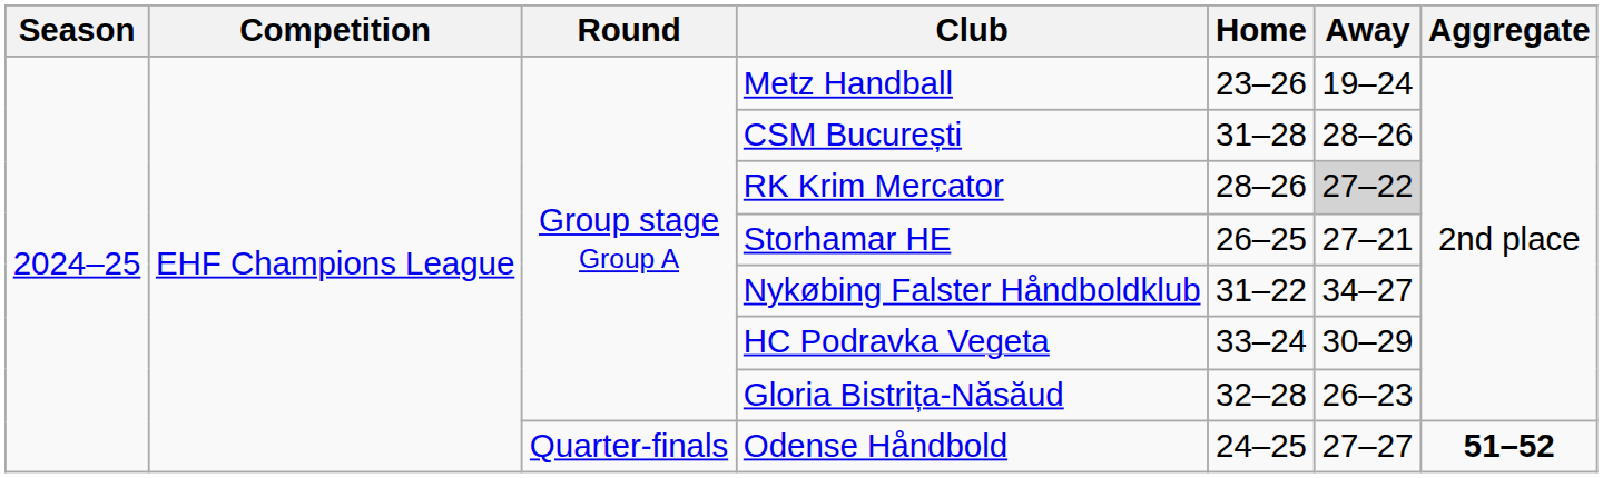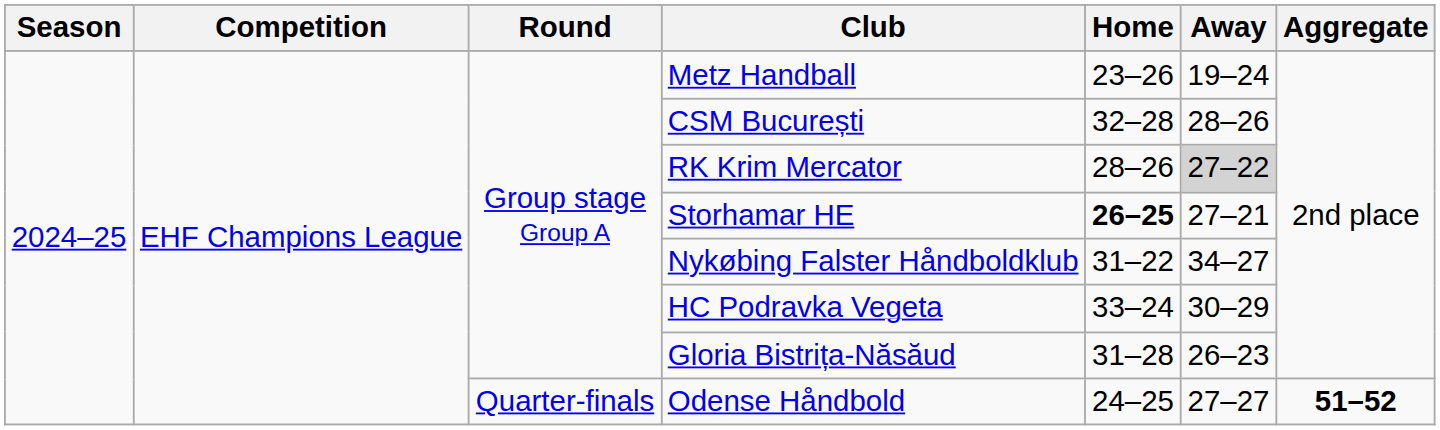 <table class="wikitable" style="text-align: left;">
 <tr>
 <th>Season</th>
 <th>Competition</th>
 <th>Round</th>
 <th>Club</th>
 <th>Home</th>
 <th>Away</th>
 <th>Aggregate</th>
 </tr>
 <tr>
 <td rowspan=8><a href='#'>2024–25</a></td>
 <td rowspan=8><a href='#'>EHF Champions League</a></td>
 <td rowspan=7 style="text-align:center;"><a href='#'>Group stage<br><small>Group A</small></a></td>
 <td> <a href='#'>Metz Handball</a></td>
 <td style="text-align:center;">23–26</td>
 <td style="text-align:center;">19–24</td>
 <td align=center rowspan=7>2nd place</td>
 </tr>
 <tr>
 <td> <a href='#'>CSM București</a></td>
-<td style="text-align:center;">31–28</td>
+<td style="text-align:center;">32–28</td>
 <td style="text-align:center;">28–26</td>
 </tr>
 <tr>
 <td> <a href='#'>RK Krim Mercator</a></td>
 <td style="text-align:center;">28–26</td>
 <td style="background: lightgrey; text-align:center;">27–22</td>
 </tr>
 <tr>
 <td> <a href='#'>Storhamar HE</a></td>
-<td style="text-align:center;">26–25</td>
+<td style="text-align:center;"><strong>26–25</strong></td>
 <td style="text-align:center;">27–21</td>
 </tr>
 <tr>
 <td> <a href='#'>Nykøbing Falster Håndboldklub</a></td>
 <td style="text-align:center;">31–22</td>
 <td style="text-align:center;">34–27</td>
 </tr>
 <tr>
 <td> <a href='#'>HC Podravka Vegeta</a></td>
 <td style="text-align:center;">33–24</td>
 <td style="text-align:center;">30–29</td>
 </tr>
 <tr>
 <td> <a href='#'>Gloria Bistrița-Năsăud</a></td>
-<td style="text-align:center;">32–28</td>
+<td style="text-align:center;">31–28</td>
 <td style="text-align:center;">26–23</td>
 </tr>
 <tr>
 <td style="text-align:center;"><a href='#'>Quarter-finals</a></td>
 <td> <a href='#'>Odense Håndbold</a></td>
 <td style="text-align:center;">24–25</td>
 <td style="text-align:center;">27–27</td>
 <td style="text-align:center;"><strong>51–52</strong></td>
 </tr>
 </table>
